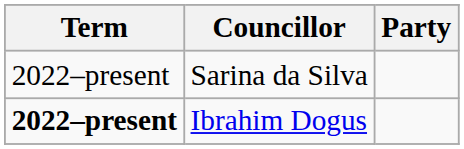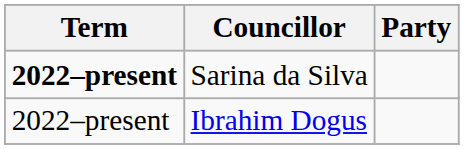 <table class="wikitable">
 <tr>
 <th>Term</th>
 <th>Councillor</th>
 <th colspan=2>Party</th>
 </tr>
 <tr>
-<td>2022–present</td>
+<td><strong>2022–present</strong></td>
 <td>Sarina da Silva</td>
 <td></td>
 </tr>
 <tr>
-<td><strong>2022–present</strong></td>
+<td>2022–present</td>
 <td><a href='#'>Ibrahim Dogus</a></td>
 <td></td>
 </tr>
 </table>
